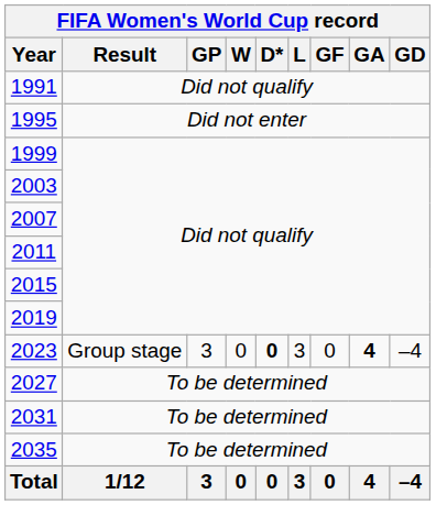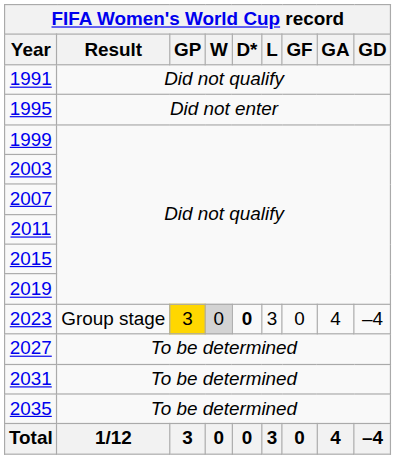 <table class="wikitable" style="text-align: center">
 <tr>
 <th colspan=10><a href='#'>FIFA Women's World Cup</a> record</th>
 </tr>
 <tr>
 <th>Year</th>
 <th>Result</th>
 <th>GP</th>
 <th>W</th>
 <th>D*</th>
 <th>L</th>
 <th>GF</th>
 <th>GA</th>
 <th>GD</th>
 </tr>
 <tr>
 <td> <a href='#'>1991</a></td>
 <td colspan=8><em>Did not qualify</em></td>
 </tr>
 <tr>
 <td> <a href='#'>1995</a></td>
 <td colspan=8><em>Did not enter</em></td>
 </tr>
 <tr>
 <td> <a href='#'>1999</a></td>
 <td colspan=8 rowspan=6><em>Did not qualify</em></td>
 </tr>
 <tr>
 <td> <a href='#'>2003</a></td>
 </tr>
 <tr>
 <td> <a href='#'>2007</a></td>
 </tr>
 <tr>
 <td> <a href='#'>2011</a></td>
 </tr>
 <tr>
 <td> <a href='#'>2015</a></td>
 </tr>
 <tr>
 <td> <a href='#'>2019</a></td>
 </tr>
 <tr>
 <td> <a href='#'>2023</a></td>
 <td>Group stage</td>
-<td>3</td>
-<td>0</td>
+<td style="background: gold;">3</td>
+<td style="background: lightgrey;">0</td>
 <td><strong>0</strong></td>
 <td>3</td>
 <td>0</td>
-<td><strong>4</strong></td>
+<td>4</td>
 <td>–4</td>
 </tr>
 <tr>
 <td> <a href='#'>2027</a></td>
 <td colspan=8><em>To be determined</em></td>
 </tr>
 <tr>
 <td> <a href='#'>2031</a></td>
 <td colspan=8><em>To be determined</em></td>
 </tr>
 <tr>
 <td> <a href='#'>2035</a></td>
 <td colspan=8><em>To be determined</em></td>
 </tr>
 <tr>
 <th>Total</th>
 <th>1/12</th>
 <th>3</th>
 <th>0</th>
 <th>0</th>
 <th>3</th>
 <th>0</th>
 <th>4</th>
 <th>–4</th>
 </tr>
 </table>
